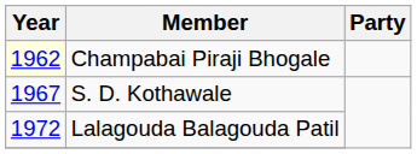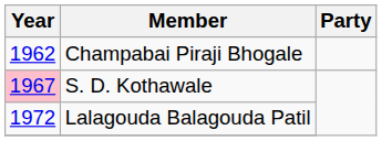 <table class="wikitable sortable">
 <tr>
 <th>Year</th>
 <th>Member</th>
 <th colspan="2">Party</th>
 </tr>
 <tr>
-<td style="background: lightyellow;"><a href='#'>1962</a></td>
+<td><a href='#'>1962</a></td>
 <td>Champabai Piraji Bhogale</td>
 <td></td>
 </tr>
 <tr>
-<td><a href='#'>1967</a></td>
+<td style="background: pink;"><a href='#'>1967</a></td>
 <td>S. D. Kothawale</td>
 </tr>
 <tr>
 <td><a href='#'>1972</a></td>
 <td>Lalagouda Balagouda Patil</td>
 </tr>
 <tr>
 </tr>
 </table>
